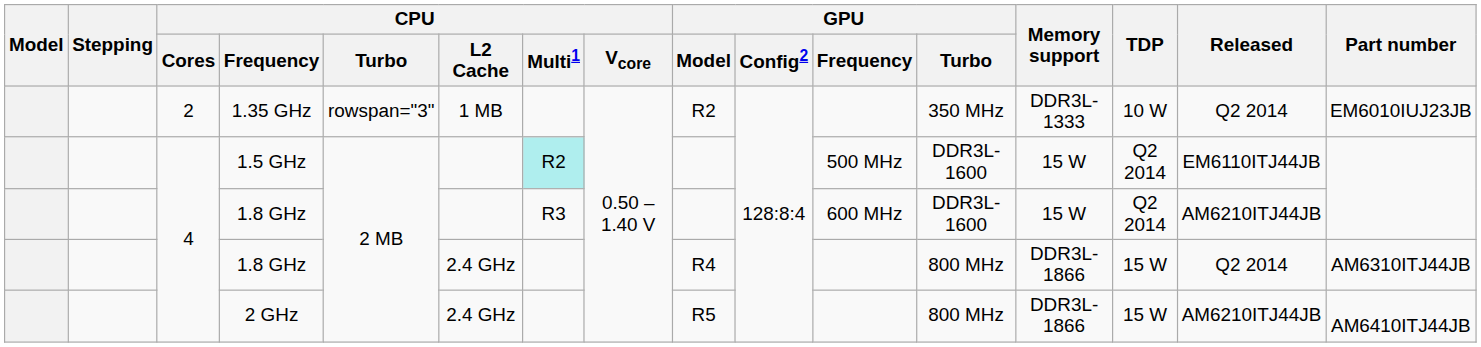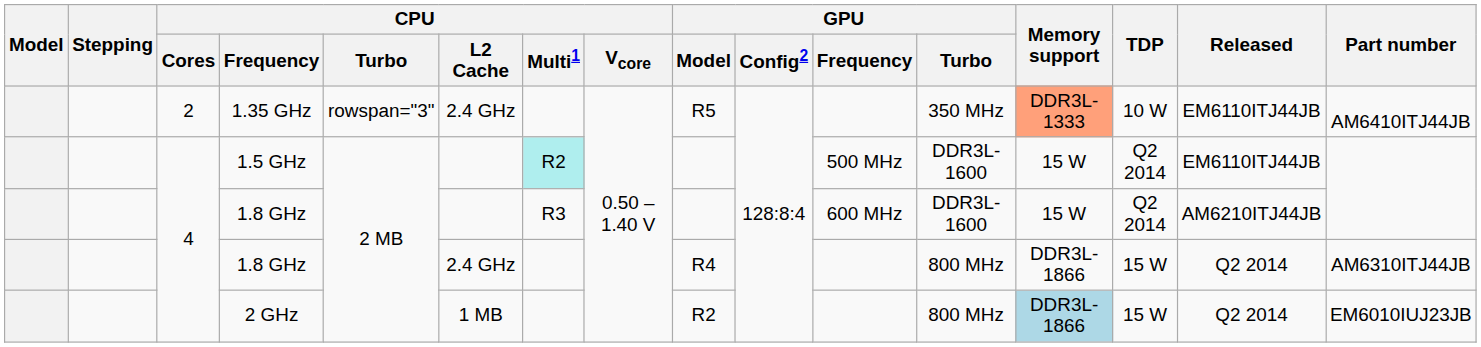 <table class="wikitable" style="text-align: center">
 <tr>
 <th rowspan="2">Model</th>
 <th rowspan="2">Stepping</th>
 <th colspan="6">CPU</th>
 <th colspan="4">GPU</th>
 <th rowspan="2">Memory<br>support</th>
 <th rowspan="2">TDP</th>
 <th rowspan="2">Released</th>
 <th rowspan="2">Part number</th>
 </tr>
 <tr>
 <th>Cores</th>
 <th>Frequency</th>
 <th>Turbo</th>
 <th>L2 Cache</th>
 <th>Multi<sup><a href='#'>1</a></sup></th>
 <th>V<sub>core</sub></th>
 <th>Model</th>
 <th>Config<sup><a href='#'>2</a></sup></th>
 <th>Frequency</th>
 <th>Turbo</th>
 </tr>
 <tr>
 <th></th>
 <td></td>
 <td>2</td>
 <td>1.35 GHz</td>
 <td>rowspan="3" </td>
-<td>1 MB</td>
+<td>2.4 GHz</td>
 <td></td>
 <td rowspan="5">0.50 – 1.40 V</td>
-<td>R2</td>
+<td>R5</td>
 <td rowspan="5">128:8:4</td>
 <td></td>
 <td>350 MHz</td>
-<td>DDR3L-1333</td>
+<td style="background: lightsalmon;">DDR3L-1333</td>
 <td>10 W</td>
-<td>Q2 2014</td>
-<td>EM6010IUJ23JB</td>
+<td>EM6110ITJ44JB</td>
+<td><br>AM6410ITJ44JB</td>
 </tr>
 <tr>
 <th></th>
 <td></td>
 <td rowspan="4">4</td>
 <td>1.5 GHz</td>
 <td rowspan="4">2 MB</td>
 <td></td>
 <td style="background: paleturquoise;">R2</td>
 <td></td>
 <td>500 MHz</td>
 <td>DDR3L-1600</td>
 <td>15 W</td>
 <td>Q2 2014</td>
 <td>EM6110ITJ44JB</td>
 </tr>
 <tr>
 <th></th>
 <td></td>
 <td>1.8 GHz</td>
 <td></td>
 <td>R3</td>
 <td></td>
 <td>600 MHz</td>
 <td>DDR3L-1600</td>
 <td>15 W</td>
 <td>Q2 2014</td>
 <td>AM6210ITJ44JB</td>
 </tr>
 <tr>
 <th></th>
 <td></td>
 <td>1.8 GHz</td>
 <td>2.4 GHz</td>
 <td></td>
 <td>R4</td>
 <td></td>
 <td>800 MHz</td>
 <td>DDR3L-1866</td>
 <td>15 W</td>
 <td>Q2 2014</td>
 <td>AM6310ITJ44JB</td>
 </tr>
 <tr>
 <th></th>
 <td></td>
 <td>2 GHz</td>
-<td>2.4 GHz</td>
+<td>1 MB</td>
 <td></td>
-<td>R5</td>
+<td>R2</td>
 <td></td>
 <td>800 MHz</td>
-<td>DDR3L-1866</td>
+<td style="background: lightblue;">DDR3L-1866</td>
 <td>15 W</td>
-<td>AM6210ITJ44JB</td>
-<td><br>AM6410ITJ44JB</td>
+<td>Q2 2014</td>
+<td>EM6010IUJ23JB</td>
 </tr>
 </table>
